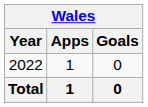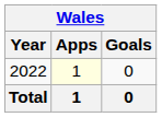 <table class="wikitable" style="text-align:center">
 <tr>
 <th colspan=3><a href='#'>Wales</a></th>
 </tr>
 <tr>
 <th>Year</th>
 <th>Apps</th>
 <th>Goals</th>
 </tr>
 <tr>
 <td>2022</td>
-<td>1</td>
+<td style="background: lightyellow;">1</td>
 <td>0</td>
 </tr>
 <tr>
 <th>Total</th>
 <th>1</th>
 <th>0</th>
 </tr>
 </table>
